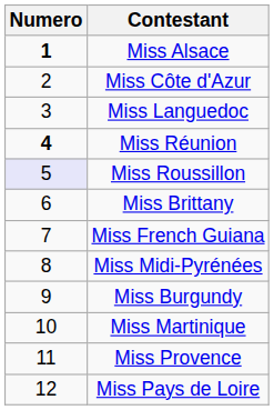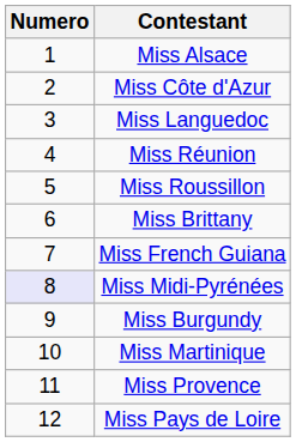 <table class="wikitable">
 <tr>
 <th>Numero</th>
 <th>Contestant</th>
 </tr>
 <tr>
-<td style="text-align:center;"><strong>1</strong></td>
+<td style="text-align:center;">1</td>
 <td style="text-align:center;"> <a href='#'>Miss Alsace</a></td>
 </tr>
 <tr>
 <td style="text-align:center;">2</td>
 <td style="text-align:center;"> <a href='#'>Miss Côte d'Azur</a></td>
 </tr>
 <tr>
 <td style="text-align:center;">3</td>
 <td style="text-align:center;"> <a href='#'>Miss Languedoc</a></td>
 </tr>
 <tr>
-<td style="text-align:center;"><strong>4</strong></td>
+<td style="text-align:center;">4</td>
 <td style="text-align:center;"> <a href='#'>Miss Réunion</a></td>
 </tr>
 <tr>
-<td style="background: lavender; text-align:center;">5</td>
+<td style="text-align:center;">5</td>
 <td style="text-align:center;"> <a href='#'>Miss Roussillon</a></td>
 </tr>
 <tr>
 <td style="text-align:center;">6</td>
 <td style="text-align:center;"> <a href='#'>Miss Brittany</a></td>
 </tr>
 <tr>
 <td style="text-align:center;">7</td>
 <td style="text-align:center;"> <a href='#'>Miss French Guiana</a></td>
 </tr>
 <tr>
-<td style="text-align:center;">8</td>
+<td style="background: lavender; text-align:center;">8</td>
 <td style="text-align:center;"> <a href='#'>Miss Midi-Pyrénées</a></td>
 </tr>
 <tr>
 <td style="text-align:center;">9</td>
 <td style="text-align:center;"> <a href='#'>Miss Burgundy</a></td>
 </tr>
 <tr>
 <td style="text-align:center;">10</td>
 <td style="text-align:center;"> <a href='#'>Miss Martinique</a></td>
 </tr>
 <tr>
 <td style="text-align:center;">11</td>
 <td style="text-align:center;"> <a href='#'>Miss Provence</a></td>
 </tr>
 <tr>
 <td style="text-align:center;">12</td>
 <td style="text-align:center;"> <a href='#'>Miss Pays de Loire</a></td>
 </tr>
 </table>
